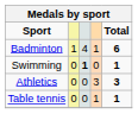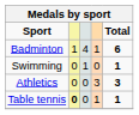 <table class=wikitable style="font-size:85%;text-align:center">
 <tr bgcolor=EFEFEF>
 <th colspan=7>Medals by sport</th>
 </tr>
 <tr>
 <td><strong>Sport</strong></td>
 <td bgcolor=F7F6A8></td>
 <td bgcolor=DCE5E5></td>
 <td bgcolor=FFDBA9></td>
 <td><strong>Total</strong></td>
 </tr>
 <tr>
 <td><a href='#'>Badminton</a></td>
 <td bgcolor=F7F6A8>1</td>
 <td bgcolor=DCE5E5>4</td>
 <td bgcolor=FFDAB9>1</td>
 <td><strong>6</strong></td>
 </tr>
 <tr>
 <td>Swimming</td>
 <td bgcolor=F7F6A8>0</td>
-<td bgcolor=DCE5E5><strong>1</strong></td>
+<td bgcolor=DCE5E5>1</td>
 <td bgcolor=FFDAB9>0</td>
 <td><strong>1</strong></td>
 </tr>
 <tr>
 <td><a href='#'>Athletics</a></td>
 <td bgcolor=F7F6A8>0</td>
 <td bgcolor=DCE5E5>0</td>
 <td bgcolor=FFDAB9>3</td>
 <td><strong>3</strong></td>
 </tr>
 <tr>
 <td><a href='#'>Table tennis</a></td>
-<td bgcolor=F7F6A8>0</td>
+<td bgcolor=F7F6A8><strong>0</strong></td>
 <td bgcolor=DCE5E5>0</td>
 <td bgcolor=FFDAB9>1</td>
 <td><strong>1</strong></td>
 </tr>
 <tr>
 </tr>
 </table>
